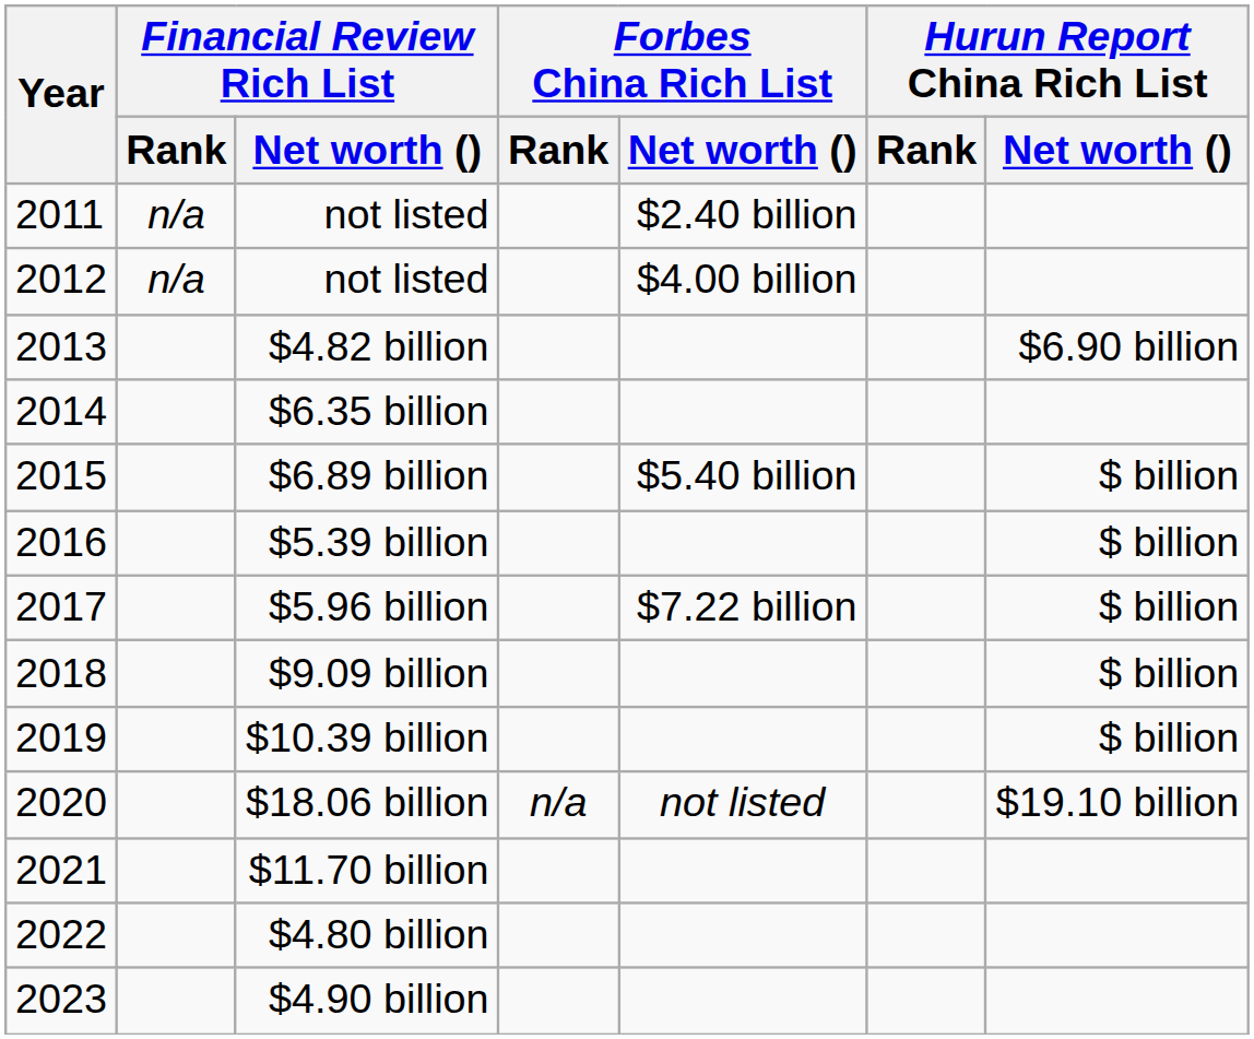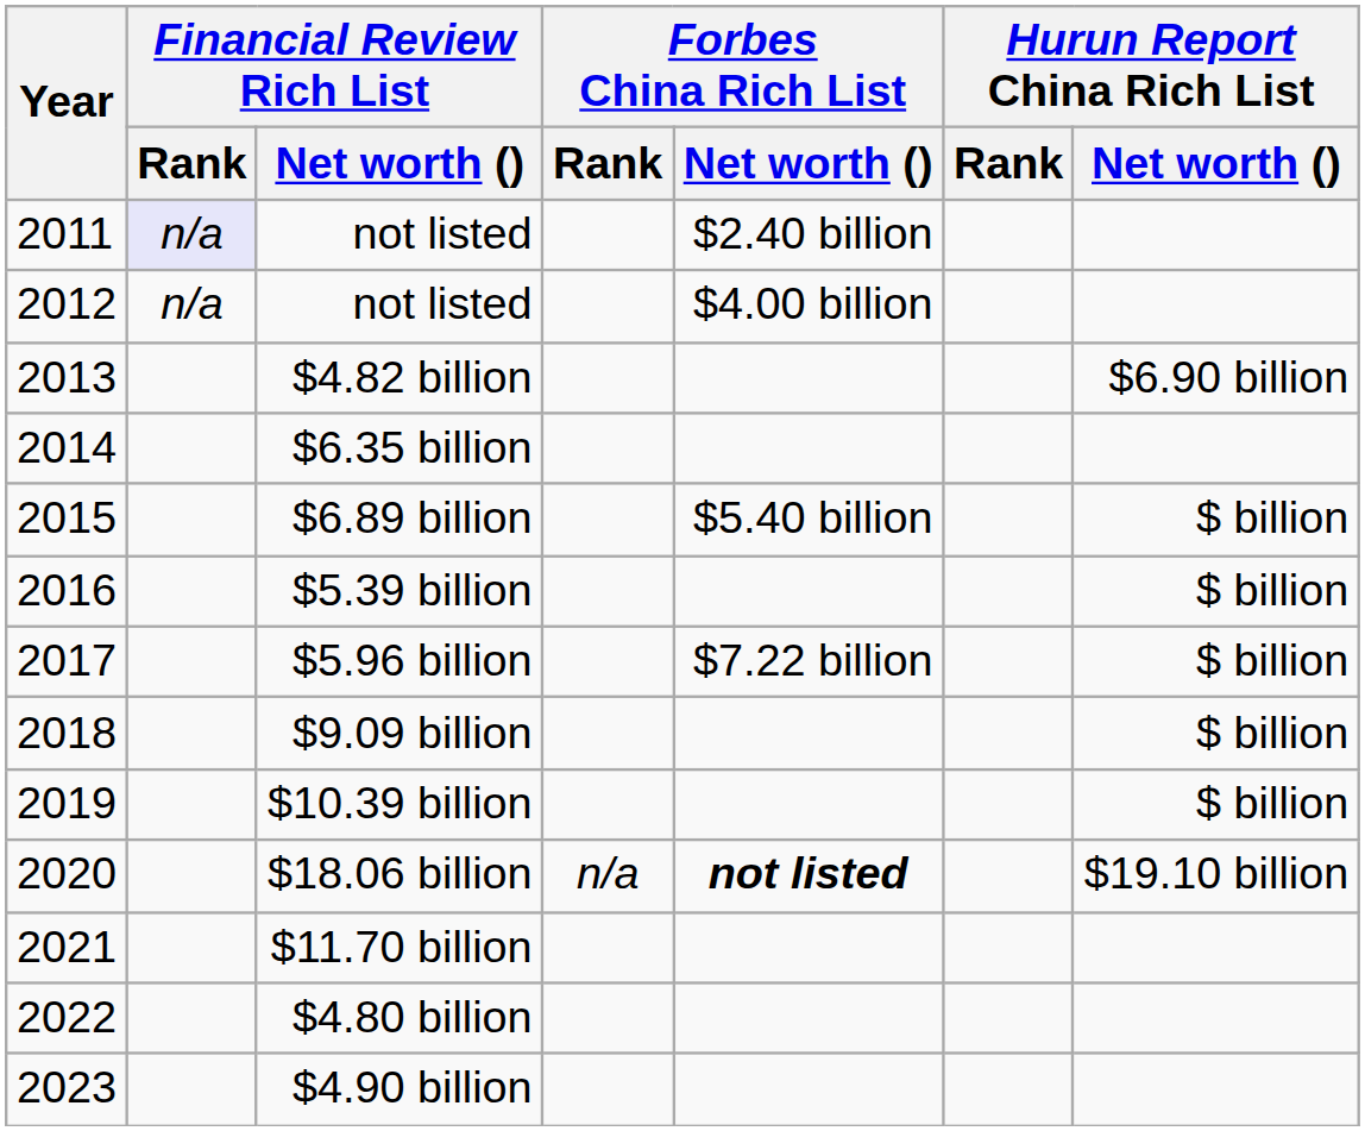 <table class="wikitable sortable">
 <tr>
 <th rowspan=2>Year</th>
 <th colspan=2><em><a href='#'>Financial Review</a></em><br><a href='#'>Rich List</a></th>
 <th colspan=2><em><a href='#'>Forbes</a></em><br><a href='#'>China Rich List</a></th>
 <th colspan=2><em><a href='#'>Hurun Report</a></em><br>China Rich List</th>
 </tr>
 <tr>
 <th>Rank</th>
 <th><a href='#'>Net worth</a> ()</th>
 <th>Rank</th>
 <th><a href='#'>Net worth</a> ()</th>
 <th>Rank</th>
 <th><a href='#'>Net worth</a> ()</th>
 </tr>
 <tr>
 <td>2011</td>
-<td align="center"><em>n/a</em></td>
+<td align="center" style="background: lavender;"><em>n/a</em></td>
 <td align="right">not listed</td>
 <td align="center"></td>
 <td align="right">$2.40 billion </td>
 <td align="center"></td>
 <td align="right"></td>
 </tr>
 <tr>
 <td>2012</td>
 <td align="center"><em>n/a</em> </td>
 <td align="right">not listed</td>
 <td align="center"> </td>
 <td align="right">$4.00 billion </td>
 <td align="center"></td>
 <td align="right"></td>
 </tr>
 <tr>
 <td>2013</td>
 <td align="center"> </td>
 <td align="right">$4.82 billion </td>
 <td align="center"> </td>
 <td align="right"></td>
 <td align="center"> </td>
 <td align="right">$6.90 billion </td>
 </tr>
 <tr>
 <td>2014</td>
 <td align="center"> </td>
 <td align="right">$6.35 billion </td>
 <td align="center"></td>
 <td align="right"></td>
 <td align="center"></td>
 <td align="right"></td>
 </tr>
 <tr>
 <td>2015</td>
 <td align="center"> </td>
 <td align="right">$6.89 billion </td>
 <td align="center"> </td>
 <td align="right">$5.40 billion</td>
 <td align="center"> </td>
 <td align="right">$ billion </td>
 </tr>
 <tr>
 <td>2016</td>
 <td align="center"> </td>
 <td align="right">$5.39 billion </td>
 <td align="center"></td>
 <td align="right"></td>
 <td align="center"> </td>
 <td align="right">$ billion </td>
 </tr>
 <tr>
 <td>2017</td>
 <td align="center"></td>
 <td align="right">$5.96 billion </td>
 <td align="center"></td>
 <td align="right">$7.22 billion </td>
 <td align="center"> </td>
 <td align="right">$ billion </td>
 </tr>
 <tr>
 <td>2018</td>
 <td align="center"></td>
 <td align="right">$9.09 billion </td>
 <td align="center"></td>
 <td align="right"></td>
 <td align="center"> </td>
 <td align="right">$ billion </td>
 </tr>
 <tr>
 <td>2019</td>
 <td align="center"></td>
 <td align="right">$10.39 billion </td>
 <td align="center"></td>
 <td align="right"></td>
 <td align="center"> </td>
 <td align="right">$ billion </td>
 </tr>
 <tr>
 <td>2020</td>
 <td align="center"></td>
 <td align="right">$18.06 billion </td>
 <td align="center"><em>n/a</em></td>
-<td align="center"><em>not listed</em></td>
+<td align="center"><strong><em>not listed</em></strong></td>
 <td align="center"></td>
 <td align="right">$19.10 billion </td>
 </tr>
 <tr>
 <td>2021</td>
 <td align="center"></td>
 <td align="right">$11.70 billion </td>
 <td align="center"></td>
 <td align="center"></td>
 <td align="center"></td>
 <td align="right"></td>
 </tr>
 <tr>
 <td>2022</td>
 <td align="center"></td>
 <td align="right">$4.80 billion </td>
 <td align="center"></td>
 <td align="center"></td>
 <td align="center"></td>
 <td align="right"></td>
 </tr>
 <tr>
 <td>2023</td>
 <td align="center"></td>
 <td align="right">$4.90 billion </td>
 <td align="center"></td>
 <td align="center"></td>
 <td align="center"></td>
 <td align="right"></td>
 </tr>
 </table>
